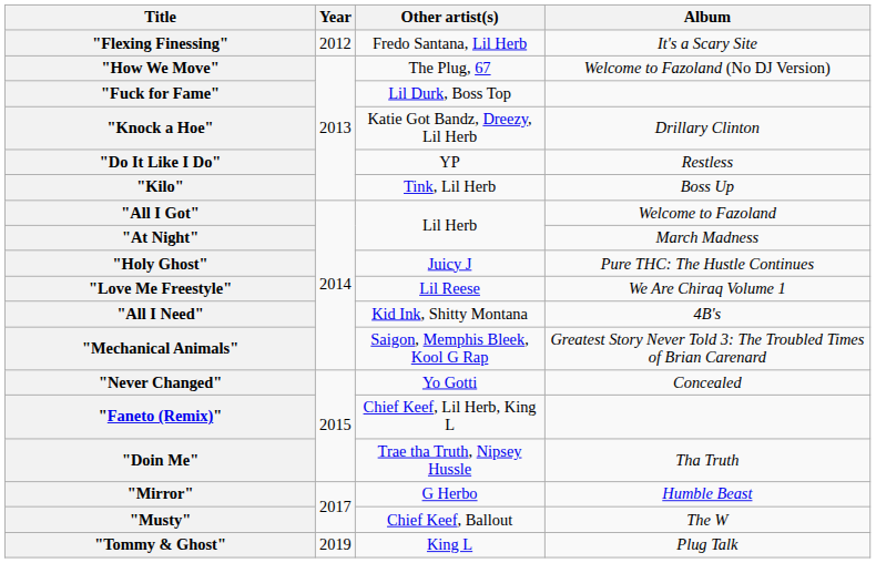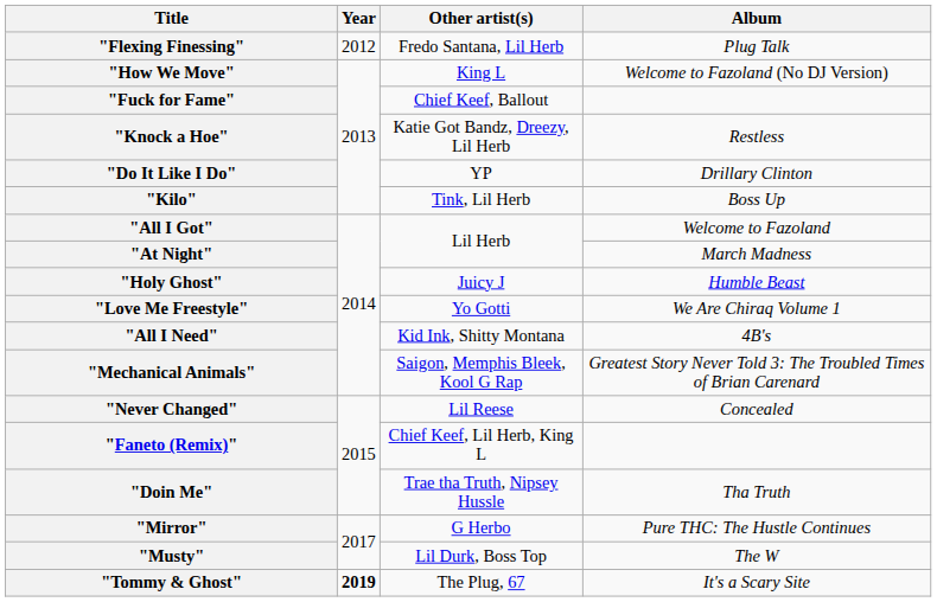 <table class="wikitable plainrowheaders" style="text-align:center;">
 <tr>
 <th scope="col" style="width:19em;">Title</th>
 <th scope="col">Year</th>
 <th scope="col">Other artist(s)</th>
 <th scope="col">Album</th>
 </tr>
 <tr>
 <th scope="row">"Flexing Finessing"</th>
 <td rowspan="1">2012</td>
 <td>Fredo Santana, <a href='#'>Lil Herb</a></td>
-<td><em>It's a Scary Site</em></td>
+<td><em>Plug Talk</em></td>
 </tr>
 <tr>
 <th scope="row">"How We Move"</th>
 <td rowspan="5">2013</td>
-<td>The Plug, <a href='#'>67</a></td>
+<td><a href='#'>King L</a></td>
 <td><em>Welcome to Fazoland</em> (No DJ Version)</td>
 </tr>
 <tr>
 <th scope="row">"Fuck for Fame"</th>
-<td><a href='#'>Lil Durk</a>, Boss Top</td>
+<td><a href='#'>Chief Keef</a>, Ballout</td>
 <td></td>
 </tr>
 <tr>
 <th scope="row">"Knock a Hoe"</th>
 <td>Katie Got Bandz, <a href='#'>Dreezy</a>, Lil Herb</td>
-<td><em>Drillary Clinton</em></td>
+<td><em>Restless</em></td>
 </tr>
 <tr>
 <th scope="row">"Do It Like I Do"</th>
 <td>YP</td>
-<td><em>Restless</em></td>
+<td><em>Drillary Clinton</em></td>
 </tr>
 <tr>
 <th scope="row">"Kilo"</th>
 <td><a href='#'>Tink</a>, Lil Herb</td>
 <td><em>Boss Up</em></td>
 </tr>
 <tr>
 <th scope="row">"All I Got"</th>
 <td rowspan="6">2014</td>
 <td rowspan="2">Lil Herb</td>
 <td><em>Welcome to Fazoland</em></td>
 </tr>
 <tr>
 <th scope="row">"At Night"</th>
 <td><em>March Madness</em></td>
 </tr>
 <tr>
 <th scope="row">"Holy Ghost"</th>
 <td><a href='#'>Juicy J</a></td>
-<td><em>Pure THC: The Hustle Continues</em></td>
+<td><em><a href='#'>Humble Beast</a></em></td>
 </tr>
 <tr>
 <th scope="row">"Love Me Freestyle"</th>
-<td><a href='#'>Lil Reese</a></td>
+<td><a href='#'>Yo Gotti</a></td>
 <td><em>We Are Chiraq Volume 1</em></td>
 </tr>
 <tr>
 <th scope="row">"All I Need"</th>
 <td><a href='#'>Kid Ink</a>, Shitty Montana</td>
 <td><em>4B's</em></td>
 </tr>
 <tr>
 <th scope="row">"Mechanical Animals"</th>
 <td><a href='#'>Saigon</a>, <a href='#'>Memphis Bleek</a>, <a href='#'>Kool G Rap</a></td>
 <td><em>Greatest Story Never Told 3: The Troubled Times of Brian Carenard</em></td>
 </tr>
 <tr>
 <th Scope="row">"Never Changed"</th>
 <td rowspan="3">2015</td>
-<td><a href='#'>Yo Gotti</a></td>
+<td><a href='#'>Lil Reese</a></td>
 <td><em>Concealed</em></td>
 </tr>
 <tr>
 <th scope="row">"<a href='#'>Faneto (Remix)</a>"</th>
 <td><a href='#'>Chief Keef</a>, Lil Herb, King L</td>
 <td></td>
 </tr>
 <tr>
 <th scope="row">"Doin Me"</th>
 <td><a href='#'>Trae tha Truth</a>, <a href='#'>Nipsey Hussle</a></td>
 <td><em>Tha Truth</em></td>
 </tr>
 <tr>
 <th scope="row">"Mirror"</th>
 <td rowspan="2">2017</td>
 <td><a href='#'>G Herbo</a></td>
-<td><em><a href='#'>Humble Beast</a></em></td>
+<td><em>Pure THC: The Hustle Continues</em></td>
 </tr>
 <tr>
 <th scope="row">"Musty"</th>
-<td><a href='#'>Chief Keef</a>, Ballout</td>
+<td><a href='#'>Lil Durk</a>, Boss Top</td>
 <td><em>The W</em></td>
 </tr>
 <tr>
 <th scope="row">"Tommy & Ghost"</th>
-<td>2019</td>
-<td><a href='#'>King L</a></td>
-<td><em>Plug Talk</em></td>
+<td><strong>2019</strong></td>
+<td>The Plug, <a href='#'>67</a></td>
+<td><em>It's a Scary Site</em></td>
 </tr>
 </table>
